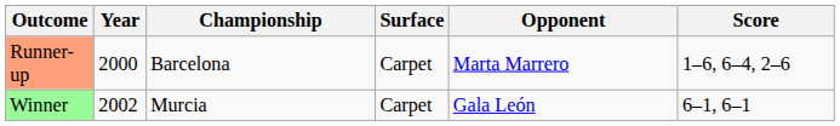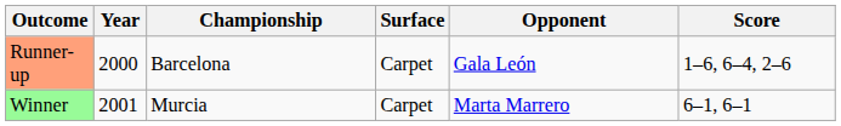 <table class='sortable wikitable'>
 <tr>
 <th style="width:65px">Outcome</th>
 <th style="width:35px">Year</th>
 <th style="width:180px">Championship</th>
 <th style="width:50px">Surface</th>
 <th style="width:180px">Opponent</th>
 <th style="width:120px" class="unsortable">Score</th>
 </tr>
 <tr style="background:#white;">
 <td style="background:#ffa07a;">Runner-up</td>
 <td>2000</td>
 <td>Barcelona</td>
 <td>Carpet</td>
-<td> <a href='#'>Marta Marrero</a></td>
+<td> <a href='#'>Gala León</a></td>
 <td>1–6, 6–4, 2–6</td>
 </tr>
 <tr style=":#white;">
 <td style="background:#98fb98;">Winner</td>
-<td>2002</td>
+<td>2001</td>
 <td>Murcia</td>
 <td>Carpet</td>
-<td> <a href='#'>Gala León</a></td>
+<td> <a href='#'>Marta Marrero</a></td>
 <td>6–1, 6–1</td>
 </tr>
 </table>
